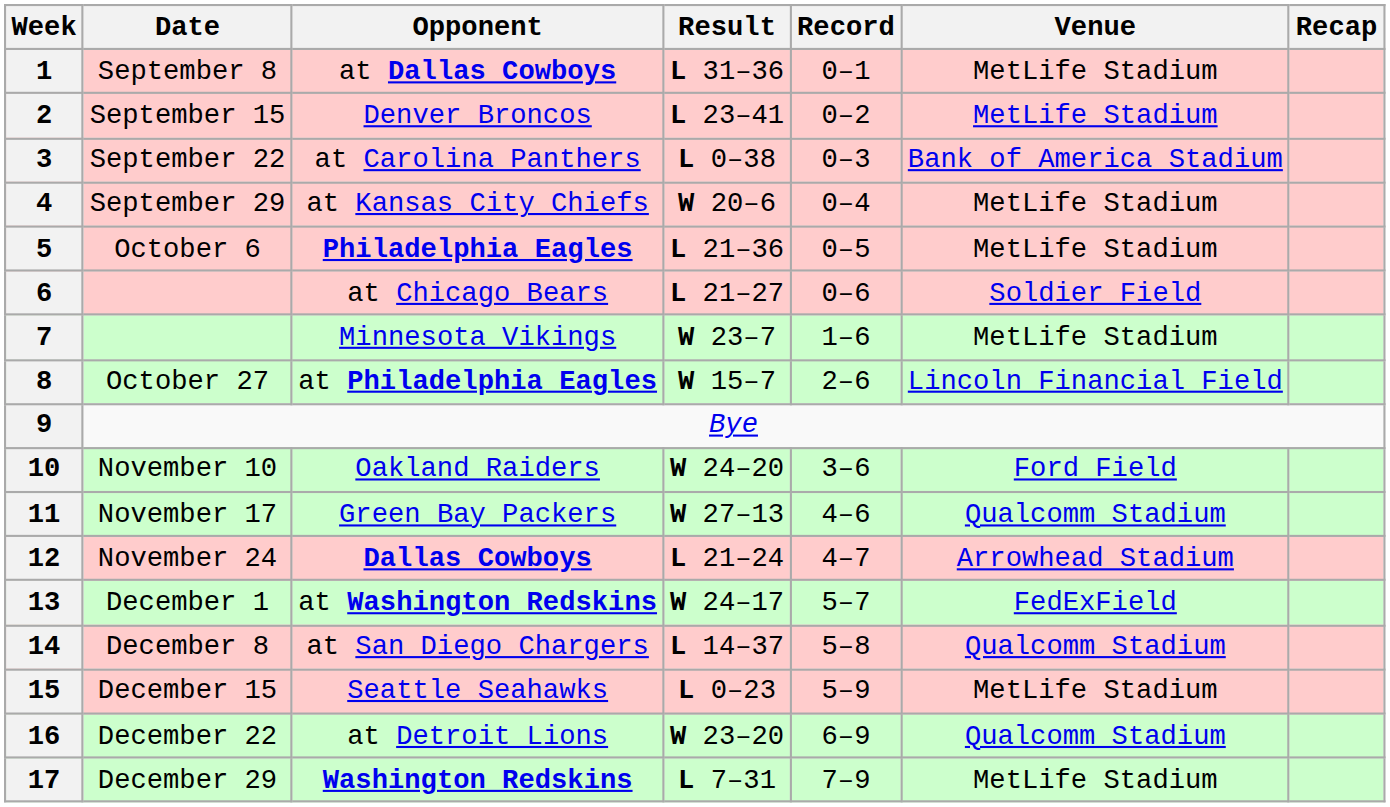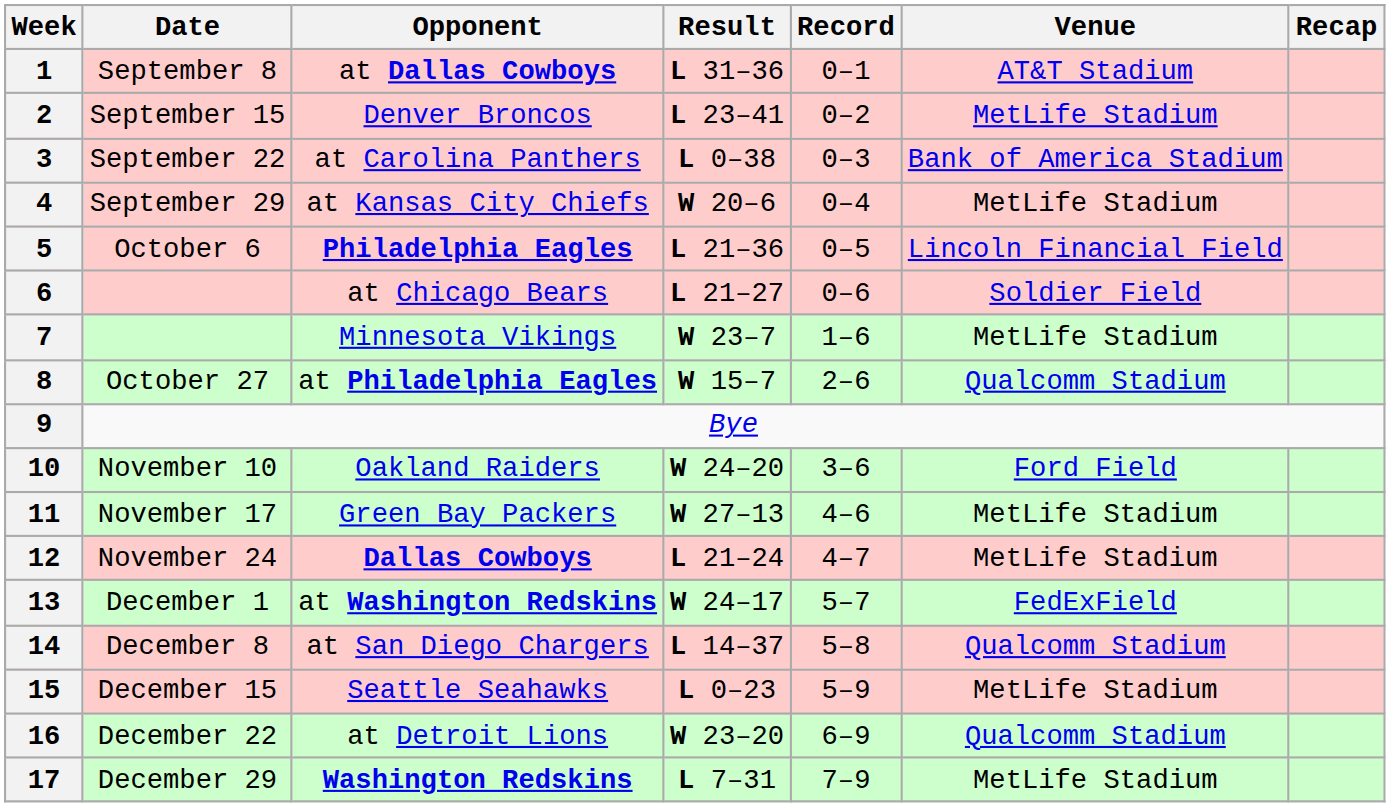 <table class="wikitable" style="text-align:center">
 <tr>
 <th>Week</th>
 <th>Date</th>
 <th>Opponent</th>
 <th>Result</th>
 <th>Record</th>
 <th>Venue</th>
 <th>Recap</th>
 </tr>
 <tr style="background:#fcc">
 <th>1</th>
 <td>September 8</td>
 <td>at <strong><a href='#'>Dallas Cowboys</a></strong></td>
 <td><strong>L</strong> 31–36</td>
 <td>0–1</td>
-<td>MetLife Stadium</td>
+<td><a href='#'>AT&T Stadium</a></td>
 <td></td>
 </tr>
 <tr style="background:#fcc">
 <th>2</th>
 <td>September 15</td>
 <td><a href='#'>Denver Broncos</a></td>
 <td><strong>L</strong> 23–41</td>
 <td>0–2</td>
 <td><a href='#'>MetLife Stadium</a></td>
 <td></td>
 </tr>
 <tr style="background:#fcc">
 <th>3</th>
 <td>September 22</td>
 <td>at <a href='#'>Carolina Panthers</a></td>
 <td><strong>L</strong> 0–38</td>
 <td>0–3</td>
 <td><a href='#'>Bank of America Stadium</a></td>
 <td></td>
 </tr>
 <tr style="background:#fcc">
 <th>4</th>
 <td>September 29</td>
 <td>at <a href='#'>Kansas City Chiefs</a></td>
 <td><strong>W</strong> 20–6</td>
 <td>0–4</td>
 <td>MetLife Stadium</td>
 <td></td>
 </tr>
 <tr style="background:#fcc">
 <th>5</th>
 <td>October 6</td>
 <td><strong><a href='#'>Philadelphia Eagles</a></strong></td>
 <td><strong>L</strong> 21–36</td>
 <td>0–5</td>
-<td>MetLife Stadium</td>
+<td><a href='#'>Lincoln Financial Field</a></td>
 <td></td>
 </tr>
 <tr style="background:#fcc">
 <th>6</th>
 <td></td>
 <td>at <a href='#'>Chicago Bears</a></td>
 <td><strong>L</strong> 21–27</td>
 <td>0–6</td>
 <td><a href='#'>Soldier Field</a></td>
 <td></td>
 </tr>
 <tr style="background:#cfc">
 <th>7</th>
 <td></td>
 <td><a href='#'>Minnesota Vikings</a></td>
 <td><strong>W</strong> 23–7</td>
 <td>1–6</td>
 <td>MetLife Stadium</td>
 <td></td>
 </tr>
 <tr style="background:#cfc">
 <th>8</th>
 <td>October 27</td>
 <td>at <strong><a href='#'>Philadelphia Eagles</a></strong></td>
 <td><strong>W</strong> 15–7</td>
 <td>2–6</td>
-<td><a href='#'>Lincoln Financial Field</a></td>
+<td><a href='#'>Qualcomm Stadium</a></td>
 <td></td>
 </tr>
 <tr>
 <th>9</th>
 <td colspan="6"><em><a href='#'>Bye</a></em></td>
 </tr>
 <tr style="background:#cfc">
 <th>10</th>
 <td>November 10</td>
 <td><a href='#'>Oakland Raiders</a></td>
 <td><strong>W</strong> 24–20</td>
 <td>3–6</td>
 <td><a href='#'>Ford Field</a></td>
 <td></td>
 </tr>
 <tr style="background:#cfc">
 <th>11</th>
 <td>November 17</td>
 <td><a href='#'>Green Bay Packers</a></td>
 <td><strong>W</strong> 27–13</td>
 <td>4–6</td>
-<td><a href='#'>Qualcomm Stadium</a></td>
+<td>MetLife Stadium</td>
 <td></td>
 </tr>
 <tr style="background:#fcc">
 <th>12</th>
 <td>November 24</td>
 <td><strong><a href='#'>Dallas Cowboys</a></strong></td>
 <td><strong>L</strong> 21–24</td>
 <td>4–7</td>
-<td><a href='#'>Arrowhead Stadium</a></td>
+<td>MetLife Stadium</td>
 <td></td>
 </tr>
 <tr style="background:#cfc">
 <th>13</th>
 <td>December 1</td>
 <td>at <strong><a href='#'>Washington Redskins</a></strong></td>
 <td><strong>W</strong> 24–17</td>
 <td>5–7</td>
 <td><a href='#'>FedExField</a></td>
 <td></td>
 </tr>
 <tr style="background:#fcc">
 <th>14</th>
 <td>December 8</td>
 <td>at <a href='#'>San Diego Chargers</a></td>
 <td><strong>L</strong> 14–37</td>
 <td>5–8</td>
 <td><a href='#'>Qualcomm Stadium</a></td>
 <td></td>
 </tr>
 <tr style="background:#fcc">
 <th>15</th>
 <td>December 15</td>
 <td><a href='#'>Seattle Seahawks</a></td>
 <td><strong>L</strong> 0–23</td>
 <td>5–9</td>
 <td>MetLife Stadium</td>
 <td></td>
 </tr>
 <tr style="background:#cfc">
 <th>16</th>
 <td>December 22</td>
 <td>at <a href='#'>Detroit Lions</a></td>
 <td><strong>W</strong> 23–20 </td>
 <td>6–9</td>
 <td><a href='#'>Qualcomm Stadium</a></td>
 <td></td>
 </tr>
 <tr style="background:#cfc">
 <th>17</th>
 <td>December 29</td>
 <td><strong><a href='#'>Washington Redskins</a></strong></td>
 <td><strong>L</strong> 7–31</td>
 <td>7–9</td>
 <td>MetLife Stadium</td>
 <td></td>
 </tr>
 </table>
